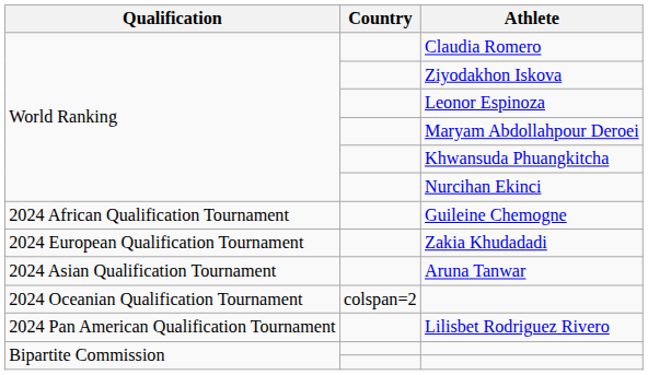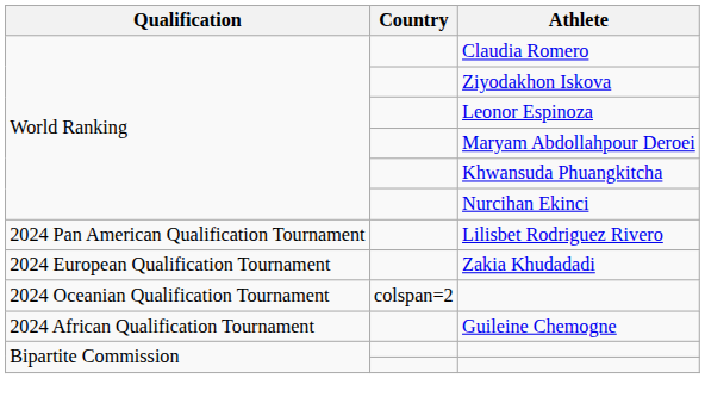 <table class="wikitable">
 <tr>
 <th>Qualification</th>
 <th>Country</th>
 <th>Athlete</th>
 </tr>
 <tr>
 <td rowspan="6">World Ranking</td>
 <td></td>
 <td><a href='#'>Claudia Romero</a></td>
 </tr>
 <tr>
 <td></td>
 <td><a href='#'>Ziyodakhon Iskova</a></td>
 </tr>
 <tr>
 <td></td>
 <td><a href='#'>Leonor Espinoza</a></td>
 </tr>
 <tr>
 <td></td>
 <td><a href='#'>Maryam Abdollahpour Deroei</a></td>
 </tr>
 <tr>
 <td></td>
 <td><a href='#'>Khwansuda Phuangkitcha</a></td>
 </tr>
 <tr>
 <td></td>
 <td><a href='#'>Nurcihan Ekinci</a></td>
 </tr>
 <tr>
-<td>2024 African Qualification Tournament</td>
+<td>2024 Pan American Qualification Tournament</td>
 <td></td>
-<td><a href='#'>Guileine Chemogne</a></td>
+<td><a href='#'>Lilisbet Rodriguez Rivero</a></td>
 </tr>
 <tr>
 <td>2024 European Qualification Tournament</td>
 <td></td>
 <td><a href='#'>Zakia Khudadadi</a></td>
 </tr>
 <tr>
-<td>2024 Asian Qualification Tournament</td>
-<td></td>
-<td><a href='#'>Aruna Tanwar</a></td>
-</tr>
-<tr>
 <td>2024 Oceanian Qualification Tournament</td>
 <td>colspan=2 </td>
 </tr>
 <tr>
-<td>2024 Pan American Qualification Tournament</td>
+<td>2024 African Qualification Tournament</td>
 <td></td>
-<td><a href='#'>Lilisbet Rodriguez Rivero</a></td>
+<td><a href='#'>Guileine Chemogne</a></td>
 </tr>
 <tr>
 <td rowspan=2>Bipartite Commission</td>
 <td></td>
 <td></td>
 </tr>
 <tr>
 <td></td>
 <td></td>
 </tr>
 </table>
